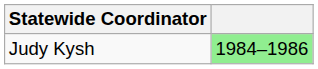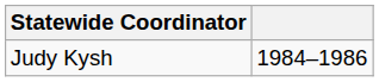 <table class="wikitable">
 <tr>
 <th>Statewide Coordinator</th>
 <th></th>
 </tr>
 <tr>
 <td>Judy Kysh</td>
-<td style="background: lightgreen;">1984–1986</td>
+<td>1984–1986</td>
 </tr>
 </table>
